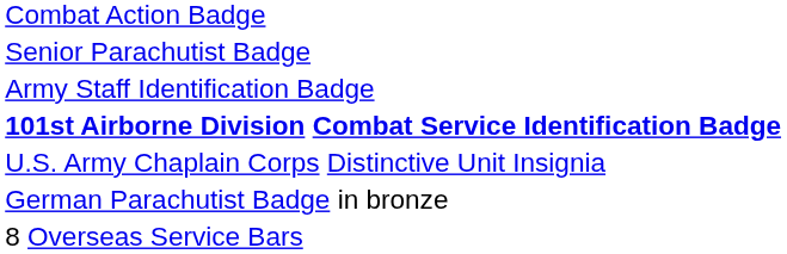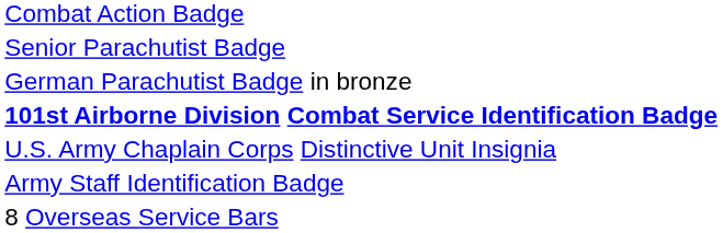 <table>
 <tr>
 <td> <a href='#'>Combat Action Badge</a></td>
 </tr>
 <tr>
 <td> <a href='#'>Senior Parachutist Badge</a></td>
 </tr>
 <tr>
-<td> <a href='#'>Army Staff Identification Badge</a></td>
+<td> <a href='#'>German Parachutist Badge</a> in bronze</td>
 </tr>
 <tr>
 <td><strong> <a href='#'>101st Airborne Division</a> <a href='#'>Combat Service Identification Badge</a></strong></td>
 </tr>
 <tr>
 <td> <a href='#'>U.S. Army Chaplain Corps</a> <a href='#'>Distinctive Unit Insignia</a></td>
 </tr>
 <tr>
-<td> <a href='#'>German Parachutist Badge</a> in bronze</td>
+<td> <a href='#'>Army Staff Identification Badge</a></td>
 </tr>
 <tr>
 <td> 8 <a href='#'>Overseas Service Bars</a></td>
 </tr>
 </table>
